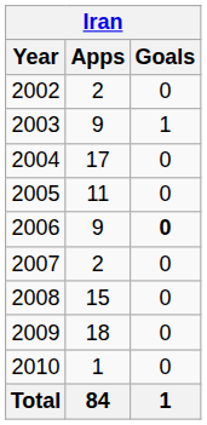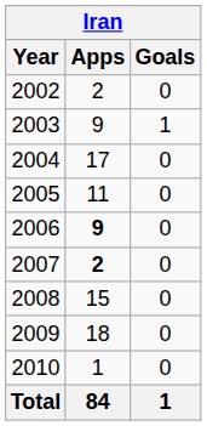 <table class="wikitable" style="text-align:center">
 <tr>
 <th colspan=3><a href='#'>Iran</a></th>
 </tr>
 <tr>
 <th>Year</th>
 <th>Apps</th>
 <th>Goals</th>
 </tr>
 <tr>
 <td>2002</td>
 <td>2</td>
 <td>0</td>
 </tr>
 <tr>
 <td>2003</td>
 <td>9</td>
 <td>1</td>
 </tr>
 <tr>
 <td>2004</td>
 <td>17</td>
 <td>0</td>
 </tr>
 <tr>
 <td>2005</td>
 <td>11</td>
 <td>0</td>
 </tr>
 <tr>
 <td>2006</td>
-<td>9</td>
-<td><strong>0</strong></td>
+<td><strong>9</strong></td>
+<td>0</td>
 </tr>
 <tr>
 <td>2007</td>
-<td>2</td>
+<td><strong>2</strong></td>
 <td>0</td>
 </tr>
 <tr>
 <td>2008</td>
 <td>15</td>
 <td>0</td>
 </tr>
 <tr>
 <td>2009</td>
 <td>18</td>
 <td>0</td>
 </tr>
 <tr>
 <td>2010</td>
 <td>1</td>
 <td>0</td>
 </tr>
 <tr>
 <th>Total</th>
 <th>84</th>
 <th>1</th>
 </tr>
 </table>
